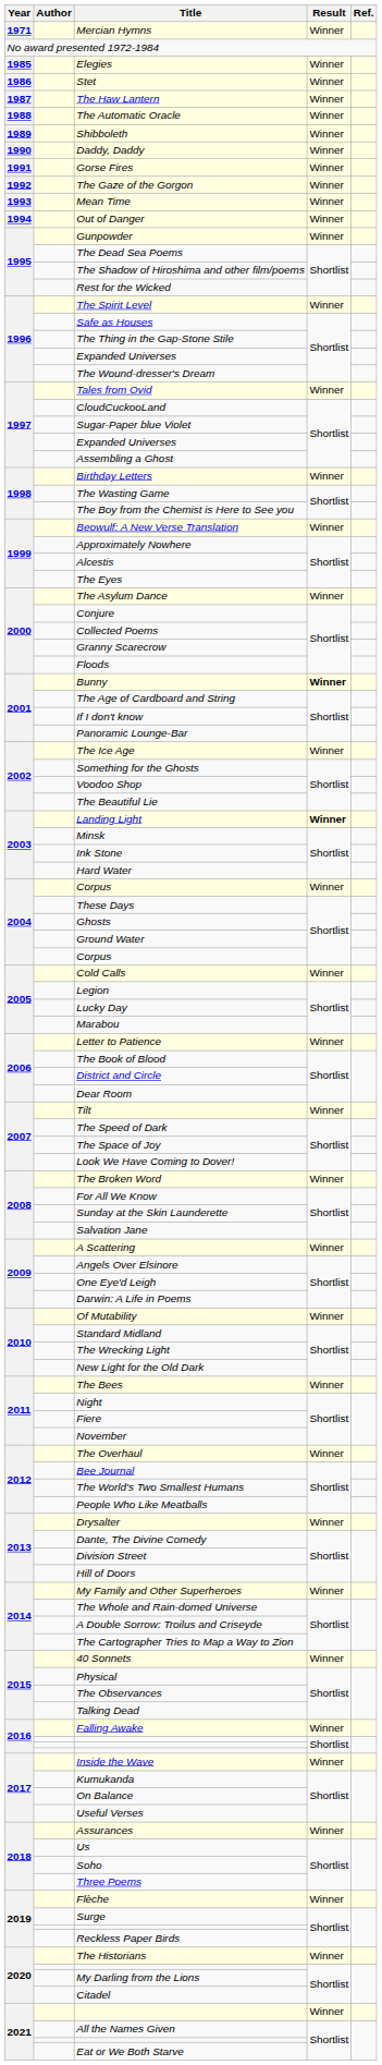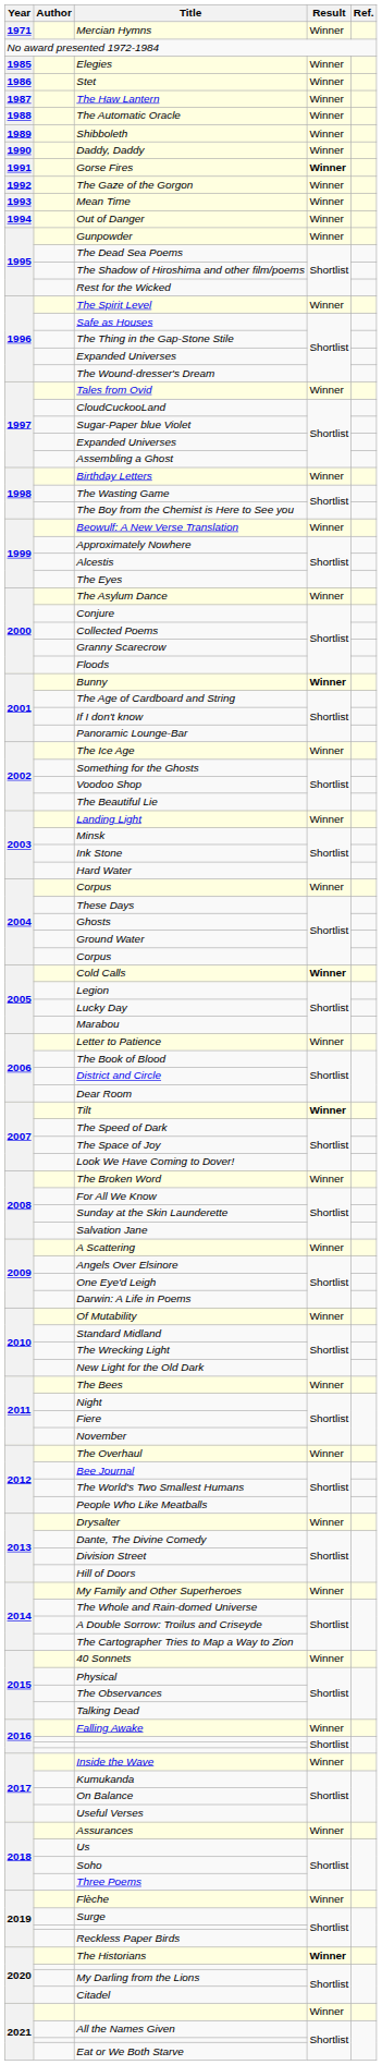 <table class="wikitable sortable mw-collapsible">
 <tr>
 <th>Year</th>
 <th>Author</th>
 <th>Title</th>
 <th>Result</th>
 <th>Ref.</th>
 </tr>
 <tr style="background:lightyellow;">
 <th><a href='#'>1971</a></th>
 <td></td>
 <td><em>Mercian Hymns</em></td>
 <td>Winner</td>
 <td></td>
 </tr>
 <tr>
 <td colspan="5"><em>No award presented 1972-1984</em></td>
 </tr>
 <tr style="background:lightyellow;">
 <th><a href='#'>1985</a></th>
 <td></td>
 <td><em>Elegies  </em></td>
 <td>Winner</td>
 <td></td>
 </tr>
 <tr style="background:lightyellow;">
 <th><a href='#'>1986</a></th>
 <td></td>
 <td><em>Stet</em></td>
 <td>Winner</td>
 <td></td>
 </tr>
 <tr style="background:lightyellow;">
 <th><a href='#'>1987</a></th>
 <td></td>
 <td><em><a href='#'>The Haw Lantern</a></em></td>
 <td>Winner</td>
 <td></td>
 </tr>
 <tr style="background:lightyellow;">
 <th><a href='#'>1988</a></th>
 <td></td>
 <td><em>The Automatic Oracle</em></td>
 <td>Winner</td>
 <td></td>
 </tr>
 <tr style="background:lightyellow;">
 <th><a href='#'>1989</a></th>
 <td></td>
 <td><em>Shibboleth</em></td>
 <td>Winner</td>
 <td></td>
 </tr>
 <tr style="background:lightyellow;">
 <th><a href='#'>1990</a></th>
 <td></td>
 <td><em>Daddy, Daddy</em></td>
 <td>Winner</td>
 <td></td>
 </tr>
 <tr style="background:lightyellow;">
 <th><a href='#'>1991</a></th>
 <td></td>
 <td><em>Gorse Fires</em></td>
-<td>Winner</td>
+<td><strong>Winner</strong></td>
 <td></td>
 </tr>
 <tr style="background:lightyellow;">
 <th><a href='#'>1992</a></th>
 <td></td>
 <td><em>The Gaze of the Gorgon</em></td>
 <td>Winner</td>
 <td></td>
 </tr>
 <tr style="background:lightyellow;">
 <th><a href='#'>1993</a></th>
 <td></td>
 <td><em>Mean Time</em></td>
 <td>Winner</td>
 <td></td>
 </tr>
 <tr style="background:lightyellow;">
 <th><a href='#'>1994</a></th>
 <td></td>
 <td><em>Out of Danger</em></td>
 <td>Winner</td>
 <td></td>
 </tr>
 <tr style="background:lightyellow;">
 <th rowspan="4"><a href='#'>1995</a></th>
 <td></td>
 <td><em>Gunpowder</em></td>
 <td>Winner</td>
 <td></td>
 </tr>
 <tr>
 <td></td>
 <td><em>The Dead Sea Poems</em></td>
 <td rowspan="3">Shortlist</td>
 <td></td>
 </tr>
 <tr>
 <td></td>
 <td><em>The Shadow of Hiroshima and other film/poems</em></td>
 <td></td>
 </tr>
 <tr>
 <td></td>
 <td><em>Rest for the Wicked</em></td>
 <td></td>
 </tr>
 <tr style="background:lightyellow;">
 <th rowspan="5"><a href='#'>1996</a></th>
 <td></td>
 <td><em><a href='#'>The Spirit Level</a>  </em></td>
 <td>Winner</td>
 <td></td>
 </tr>
 <tr>
 <td></td>
 <td><em><a href='#'>Safe as Houses</a></em></td>
 <td rowspan="4">Shortlist</td>
 <td></td>
 </tr>
 <tr>
 <td></td>
 <td><em>The Thing in the Gap-Stone Stile</em></td>
 <td></td>
 </tr>
 <tr>
 <td></td>
 <td><em>Expanded Universes</em></td>
 <td></td>
 </tr>
 <tr>
 <td></td>
 <td><em>The Wound-dresser's Dream</em></td>
 <td></td>
 </tr>
 <tr style="background:lightyellow;">
 <th rowspan="5"><a href='#'>1997</a></th>
 <td></td>
 <td><em><a href='#'>Tales from Ovid</a>  </em></td>
 <td>Winner</td>
 <td></td>
 </tr>
 <tr>
 <td></td>
 <td><em>CloudCuckooLand</em></td>
 <td rowspan="4">Shortlist</td>
 <td></td>
 </tr>
 <tr>
 <td></td>
 <td><em>Sugar-Paper blue Violet</em></td>
 <td></td>
 </tr>
 <tr>
 <td></td>
 <td><em>Expanded Universes</em></td>
 <td></td>
 </tr>
 <tr>
 <td></td>
 <td><em>Assembling a Ghost</em></td>
 <td></td>
 </tr>
 <tr style="background:lightyellow;">
 <th rowspan="3"><a href='#'>1998</a></th>
 <td></td>
 <td><em><a href='#'>Birthday Letters</a>  </em></td>
 <td>Winner</td>
 <td></td>
 </tr>
 <tr>
 <td></td>
 <td><em>The Wasting Game</em></td>
 <td rowspan="2">Shortlist</td>
 <td></td>
 </tr>
 <tr>
 <td></td>
 <td><em>The Boy from the Chemist is Here to See you</em></td>
 <td></td>
 </tr>
 <tr style="background:lightyellow;">
 <th rowspan="4"><a href='#'>1999</a></th>
 <td></td>
 <td><em><a href='#'>Beowulf: A New Verse Translation</a>  </em></td>
 <td>Winner</td>
 <td></td>
 </tr>
 <tr>
 <td></td>
 <td><em>Approximately Nowhere</em></td>
 <td rowspan="3">Shortlist</td>
 <td></td>
 </tr>
 <tr>
 <td></td>
 <td><em>Alcestis</em></td>
 <td></td>
 </tr>
 <tr>
 <td></td>
 <td><em>The Eyes</em></td>
 <td></td>
 </tr>
 <tr style="background:lightyellow;">
 <th rowspan="5"><a href='#'>2000</a></th>
 <td></td>
 <td><em>The Asylum Dance</em></td>
 <td>Winner</td>
 <td></td>
 </tr>
 <tr>
 <td></td>
 <td><em>Conjure</em></td>
 <td rowspan="4">Shortlist</td>
 <td></td>
 </tr>
 <tr>
 <td></td>
 <td><em>Collected Poems</em></td>
 <td></td>
 </tr>
 <tr>
 <td></td>
 <td><em>Granny Scarecrow</em></td>
 <td></td>
 </tr>
 <tr>
 <td></td>
 <td><em>Floods</em></td>
 <td></td>
 </tr>
 <tr style="background:lightyellow;">
 <th rowspan="4"><a href='#'>2001</a></th>
 <td></td>
 <td><em>Bunny</em></td>
 <td><strong>Winner</strong></td>
 <td></td>
 </tr>
 <tr>
 <td></td>
 <td><em>The Age of Cardboard and String</em></td>
 <td rowspan="3">Shortlist</td>
 <td></td>
 </tr>
 <tr>
 <td></td>
 <td><em>If I don't know</em></td>
 <td></td>
 </tr>
 <tr>
 <td></td>
 <td><em>Panoramic Lounge-Bar</em></td>
 <td></td>
 </tr>
 <tr style="background:lightyellow;">
 <th rowspan="4"><a href='#'>2002</a></th>
 <td></td>
 <td><em>The Ice Age</em></td>
 <td>Winner</td>
 <td></td>
 </tr>
 <tr>
 <td></td>
 <td><em>Something for the Ghosts</em></td>
 <td rowspan="3">Shortlist</td>
 <td></td>
 </tr>
 <tr>
 <td></td>
 <td><em>Voodoo Shop</em></td>
 <td></td>
 </tr>
 <tr>
 <td></td>
 <td><em>The Beautiful Lie</em></td>
 <td></td>
 </tr>
 <tr style="background:lightyellow;">
 <th rowspan="4"><a href='#'>2003</a></th>
 <td></td>
 <td><em><a href='#'>Landing Light</a></em></td>
-<td><strong>Winner</strong></td>
+<td>Winner</td>
 <td></td>
 </tr>
 <tr>
 <td></td>
 <td><em>Minsk</em></td>
 <td rowspan="3">Shortlist</td>
 <td></td>
 </tr>
 <tr>
 <td></td>
 <td><em>Ink Stone</em></td>
 <td></td>
 </tr>
 <tr>
 <td></td>
 <td><em>Hard Water</em></td>
 <td></td>
 </tr>
 <tr style="background:lightyellow;">
 <th rowspan="5"><a href='#'>2004</a></th>
 <td></td>
 <td><em>Corpus</em></td>
 <td>Winner</td>
 <td></td>
 </tr>
 <tr>
 <td></td>
 <td><em>These Days</em></td>
 <td rowspan="4">Shortlist</td>
 <td></td>
 </tr>
 <tr>
 <td></td>
 <td><em>Ghosts</em></td>
 <td></td>
 </tr>
 <tr>
 <td></td>
 <td><em>Ground Water</em></td>
 <td></td>
 </tr>
 <tr>
 <td></td>
 <td><em>Corpus</em></td>
 <td></td>
 </tr>
 <tr style="background:lightyellow;">
 <th rowspan="4"><a href='#'>2005</a></th>
 <td></td>
 <td><em>Cold Calls</em></td>
-<td>Winner</td>
+<td><strong>Winner</strong></td>
 <td></td>
 </tr>
 <tr>
 <td></td>
 <td><em>Legion</em></td>
 <td rowspan="3">Shortlist</td>
 <td></td>
 </tr>
 <tr>
 <td></td>
 <td><em>Lucky Day</em></td>
 <td></td>
 </tr>
 <tr>
 <td></td>
 <td><em>Marabou</em></td>
 <td></td>
 </tr>
 <tr style="background:lightyellow;">
 <th rowspan="4"><a href='#'>2006</a></th>
 <td></td>
 <td><em>Letter to Patience</em></td>
 <td>Winner</td>
 <td></td>
 </tr>
 <tr>
 <td></td>
 <td><em>The Book of Blood</em></td>
 <td rowspan="3">Shortlist</td>
 <td rowspan="3"></td>
 </tr>
 <tr>
 <td></td>
 <td><em><a href='#'>District and Circle</a></em></td>
 </tr>
 <tr>
 <td></td>
 <td><em>Dear Room</em></td>
 </tr>
 <tr style="background:lightyellow;">
 <th rowspan="4"><a href='#'>2007</a></th>
 <td></td>
 <td><em>Tilt</em></td>
-<td>Winner</td>
+<td><strong>Winner</strong></td>
 <td></td>
 </tr>
 <tr>
 <td></td>
 <td><em>The Speed of Dark</em></td>
 <td rowspan="3">Shortlist</td>
 <td></td>
 </tr>
 <tr>
 <td></td>
 <td><em>The Space of Joy</em></td>
 <td></td>
 </tr>
 <tr>
 <td></td>
 <td><em>Look We Have Coming to Dover!</em></td>
 <td></td>
 </tr>
 <tr style="background:lightyellow;">
 <th rowspan="4"><a href='#'>2008</a></th>
 <td></td>
 <td><em>The Broken Word</em></td>
 <td>Winner</td>
 <td></td>
 </tr>
 <tr>
 <td></td>
 <td><em>For All We Know</em></td>
 <td rowspan="3">Shortlist</td>
 <td></td>
 </tr>
 <tr>
 <td></td>
 <td><em>Sunday at the Skin Launderette</em></td>
 <td></td>
 </tr>
 <tr>
 <td></td>
 <td><em>Salvation Jane</em></td>
 <td></td>
 </tr>
 <tr style="background:lightyellow;">
 <th rowspan="4"><a href='#'>2009</a></th>
 <td></td>
 <td><em>A Scattering  </em></td>
 <td>Winner</td>
 <td></td>
 </tr>
 <tr>
 <td></td>
 <td><em>Angels Over Elsinore</em></td>
 <td rowspan="3">Shortlist</td>
 <td></td>
 </tr>
 <tr>
 <td></td>
 <td><em>One Eye'd Leigh</em></td>
 <td></td>
 </tr>
 <tr>
 <td></td>
 <td><em>Darwin: A Life in Poems</em></td>
 <td></td>
 </tr>
 <tr style="background:lightyellow;">
 <th rowspan="4"><a href='#'>2010</a></th>
 <td></td>
 <td><em>Of Mutability  </em></td>
 <td>Winner</td>
 <td></td>
 </tr>
 <tr>
 <td></td>
 <td><em>Standard Midland</em></td>
 <td rowspan="3">Shortlist</td>
 <td></td>
 </tr>
 <tr>
 <td></td>
 <td><em>The Wrecking Light</em></td>
 <td></td>
 </tr>
 <tr>
 <td></td>
 <td><em>New Light for the Old Dark</em></td>
 <td></td>
 </tr>
 <tr style="background:lightyellow;">
 <th rowspan="4"><a href='#'>2011</a></th>
 <td></td>
 <td><em>The Bees</em></td>
 <td>Winner</td>
 <td></td>
 </tr>
 <tr>
 <td></td>
 <td><em>Night</em></td>
 <td rowspan="3">Shortlist</td>
 <td rowspan="3"></td>
 </tr>
 <tr>
 <td></td>
 <td><em>Fiere</em></td>
 </tr>
 <tr>
 <td></td>
 <td><em>November</em></td>
 </tr>
 <tr style="background:lightyellow;">
 <th rowspan="4"><a href='#'>2012</a></th>
 <td></td>
 <td><em>The Overhaul</em></td>
 <td>Winner</td>
 <td></td>
 </tr>
 <tr>
 <td></td>
 <td><em><a href='#'>Bee Journal</a></em></td>
 <td rowspan="3">Shortlist</td>
 <td></td>
 </tr>
 <tr>
 <td></td>
 <td><em>The World's Two Smallest Humans</em></td>
 <td></td>
 </tr>
 <tr>
 <td></td>
 <td><em>People Who Like Meatballs</em></td>
 <td></td>
 </tr>
 <tr style="background:lightyellow;">
 <th rowspan="4"><a href='#'>2013</a></th>
 <td></td>
 <td><em>Drysalter</em></td>
 <td>Winner</td>
 <td></td>
 </tr>
 <tr>
 <td></td>
 <td><em>Dante, The Divine Comedy</em></td>
 <td rowspan="3">Shortlist</td>
 <td rowspan="3"></td>
 </tr>
 <tr>
 <td></td>
 <td><em>Division Street</em></td>
 </tr>
 <tr>
 <td></td>
 <td><em>Hill of Doors</em></td>
 </tr>
 <tr style="background:lightyellow;">
 <th rowspan="4"><a href='#'>2014</a></th>
 <td></td>
 <td><em>My Family and Other Superheroes</em></td>
 <td>Winner</td>
 <td></td>
 </tr>
 <tr>
 <td></td>
 <td><em>The Whole and Rain-domed Universe</em></td>
 <td rowspan="3">Shortlist</td>
 <td rowspan="3"></td>
 </tr>
 <tr>
 <td></td>
 <td><em>A Double Sorrow: Troilus and Criseyde</em></td>
 </tr>
 <tr>
 <td></td>
 <td><em>The Cartographer Tries to Map a Way to Zion</em></td>
 </tr>
 <tr style="background:lightyellow;">
 <th rowspan="4"><a href='#'>2015</a></th>
 <td></td>
 <td><em>40 Sonnets</em></td>
 <td>Winner</td>
 <td></td>
 </tr>
 <tr>
 <td></td>
 <td><em>Physical</em></td>
 <td rowspan="3">Shortlist</td>
 <td rowspan="3"></td>
 </tr>
 <tr>
 <td></td>
 <td><em>The Observances</em></td>
 </tr>
 <tr>
 <td></td>
 <td><em>Talking Dead</em></td>
 </tr>
 <tr style="background:lightyellow;">
 <th rowspan="4"><a href='#'>2016</a></th>
 <td></td>
 <td><em><a href='#'>Falling Awake</a></em></td>
 <td>Winner</td>
 <td></td>
 </tr>
 <tr>
 <td></td>
 <td></td>
 <td rowspan="3">Shortlist</td>
 <td rowspan="3"></td>
 </tr>
 <tr>
 <td></td>
 <td></td>
 </tr>
 <tr>
 <td></td>
 <td></td>
 </tr>
 <tr style="background:lightyellow;">
 <th rowspan="4"><a href='#'>2017</a></th>
 <td></td>
 <td><em><a href='#'>Inside the Wave</a>  </em></td>
 <td>Winner</td>
 <td></td>
 </tr>
 <tr>
 <td></td>
 <td><em>Kumukanda</em></td>
 <td rowspan="3">Shortlist</td>
 <td rowspan="3"></td>
 </tr>
 <tr>
 <td></td>
 <td><em>On Balance</em></td>
 </tr>
 <tr>
 <td></td>
 <td><em>Useful Verses</em></td>
 </tr>
 <tr style="background:lightyellow;">
 <th rowspan="4"><a href='#'>2018</a></th>
 <td></td>
 <td><em>Assurances</em></td>
 <td>Winner</td>
 <td></td>
 </tr>
 <tr>
 <td></td>
 <td><em>Us</em></td>
 <td rowspan="3">Shortlist</td>
 <td rowspan="3"></td>
 </tr>
 <tr>
 <td></td>
 <td><em>Soho</em></td>
 </tr>
 <tr>
 <td></td>
 <td><em><a href='#'>Three Poems</a></em></td>
 </tr>
 <tr style="background:lightyellow;">
 <th rowspan="4">2019</th>
 <td></td>
 <td><em>Flèche</em></td>
 <td>Winner</td>
 <td></td>
 </tr>
 <tr>
 <td></td>
 <td><em>Surge</em></td>
 <td rowspan="3">Shortlist</td>
 <td rowspan="3"></td>
 </tr>
 <tr>
 <td></td>
 <td><em></em></td>
 </tr>
 <tr>
 <td></td>
 <td><em>Reckless Paper Birds</em></td>
 </tr>
 <tr style="background:lightyellow;">
 <th rowspan="4">2020</th>
 <td></td>
 <td><em>The Historians</em></td>
-<td>Winner</td>
+<td><strong>Winner</strong></td>
 <td></td>
 </tr>
 <tr>
 <td></td>
 <td><em></em></td>
 <td rowspan="3">Shortlist</td>
 <td rowspan="3"></td>
 </tr>
 <tr>
 <td></td>
 <td><em>My Darling from the Lions</em></td>
 </tr>
 <tr>
 <td></td>
 <td><em>Citadel</em></td>
 </tr>
 <tr style="background:lightyellow;">
 <th rowspan="4">2021</th>
 <td></td>
 <td><em>   </em></td>
 <td>Winner</td>
 <td></td>
 </tr>
 <tr>
 <td></td>
 <td><em>All the Names Given</em></td>
 <td rowspan="3">Shortlist</td>
 <td rowspan="3"></td>
 </tr>
 <tr>
 <td></td>
 <td><em></em></td>
 </tr>
 <tr>
 <td></td>
 <td><em>Eat or We Both Starve</em></td>
 </tr>
 </table>
